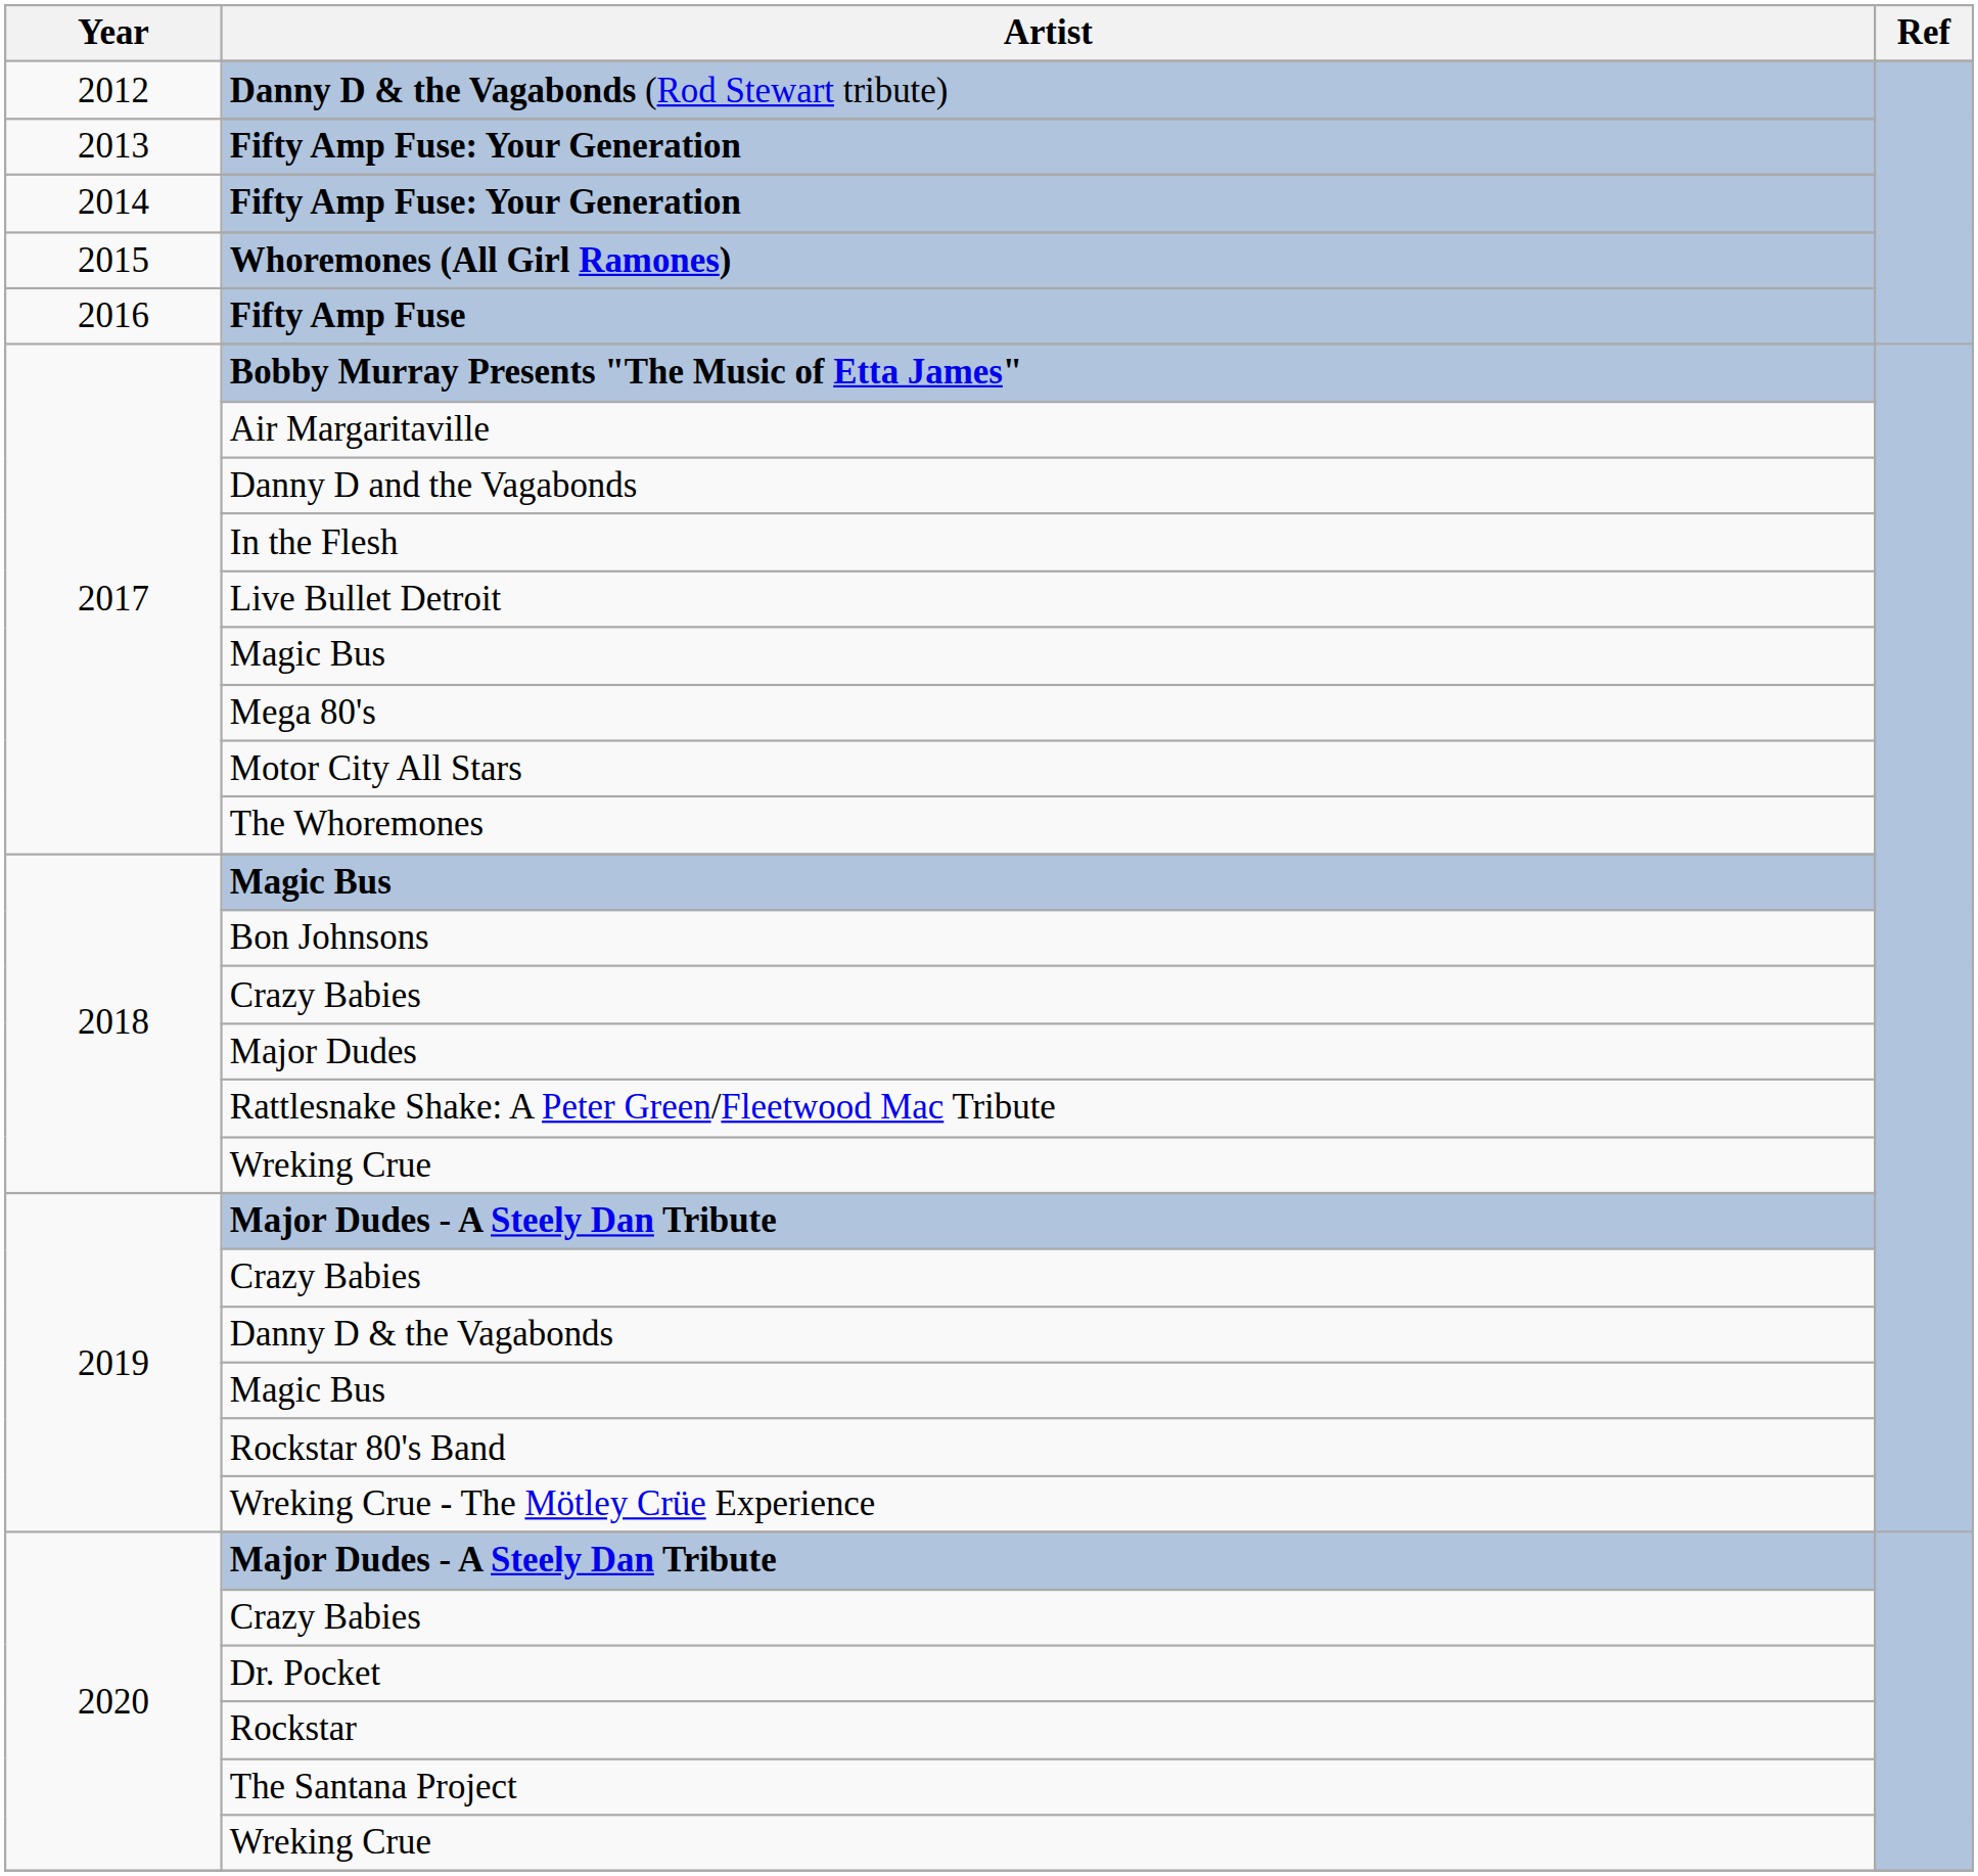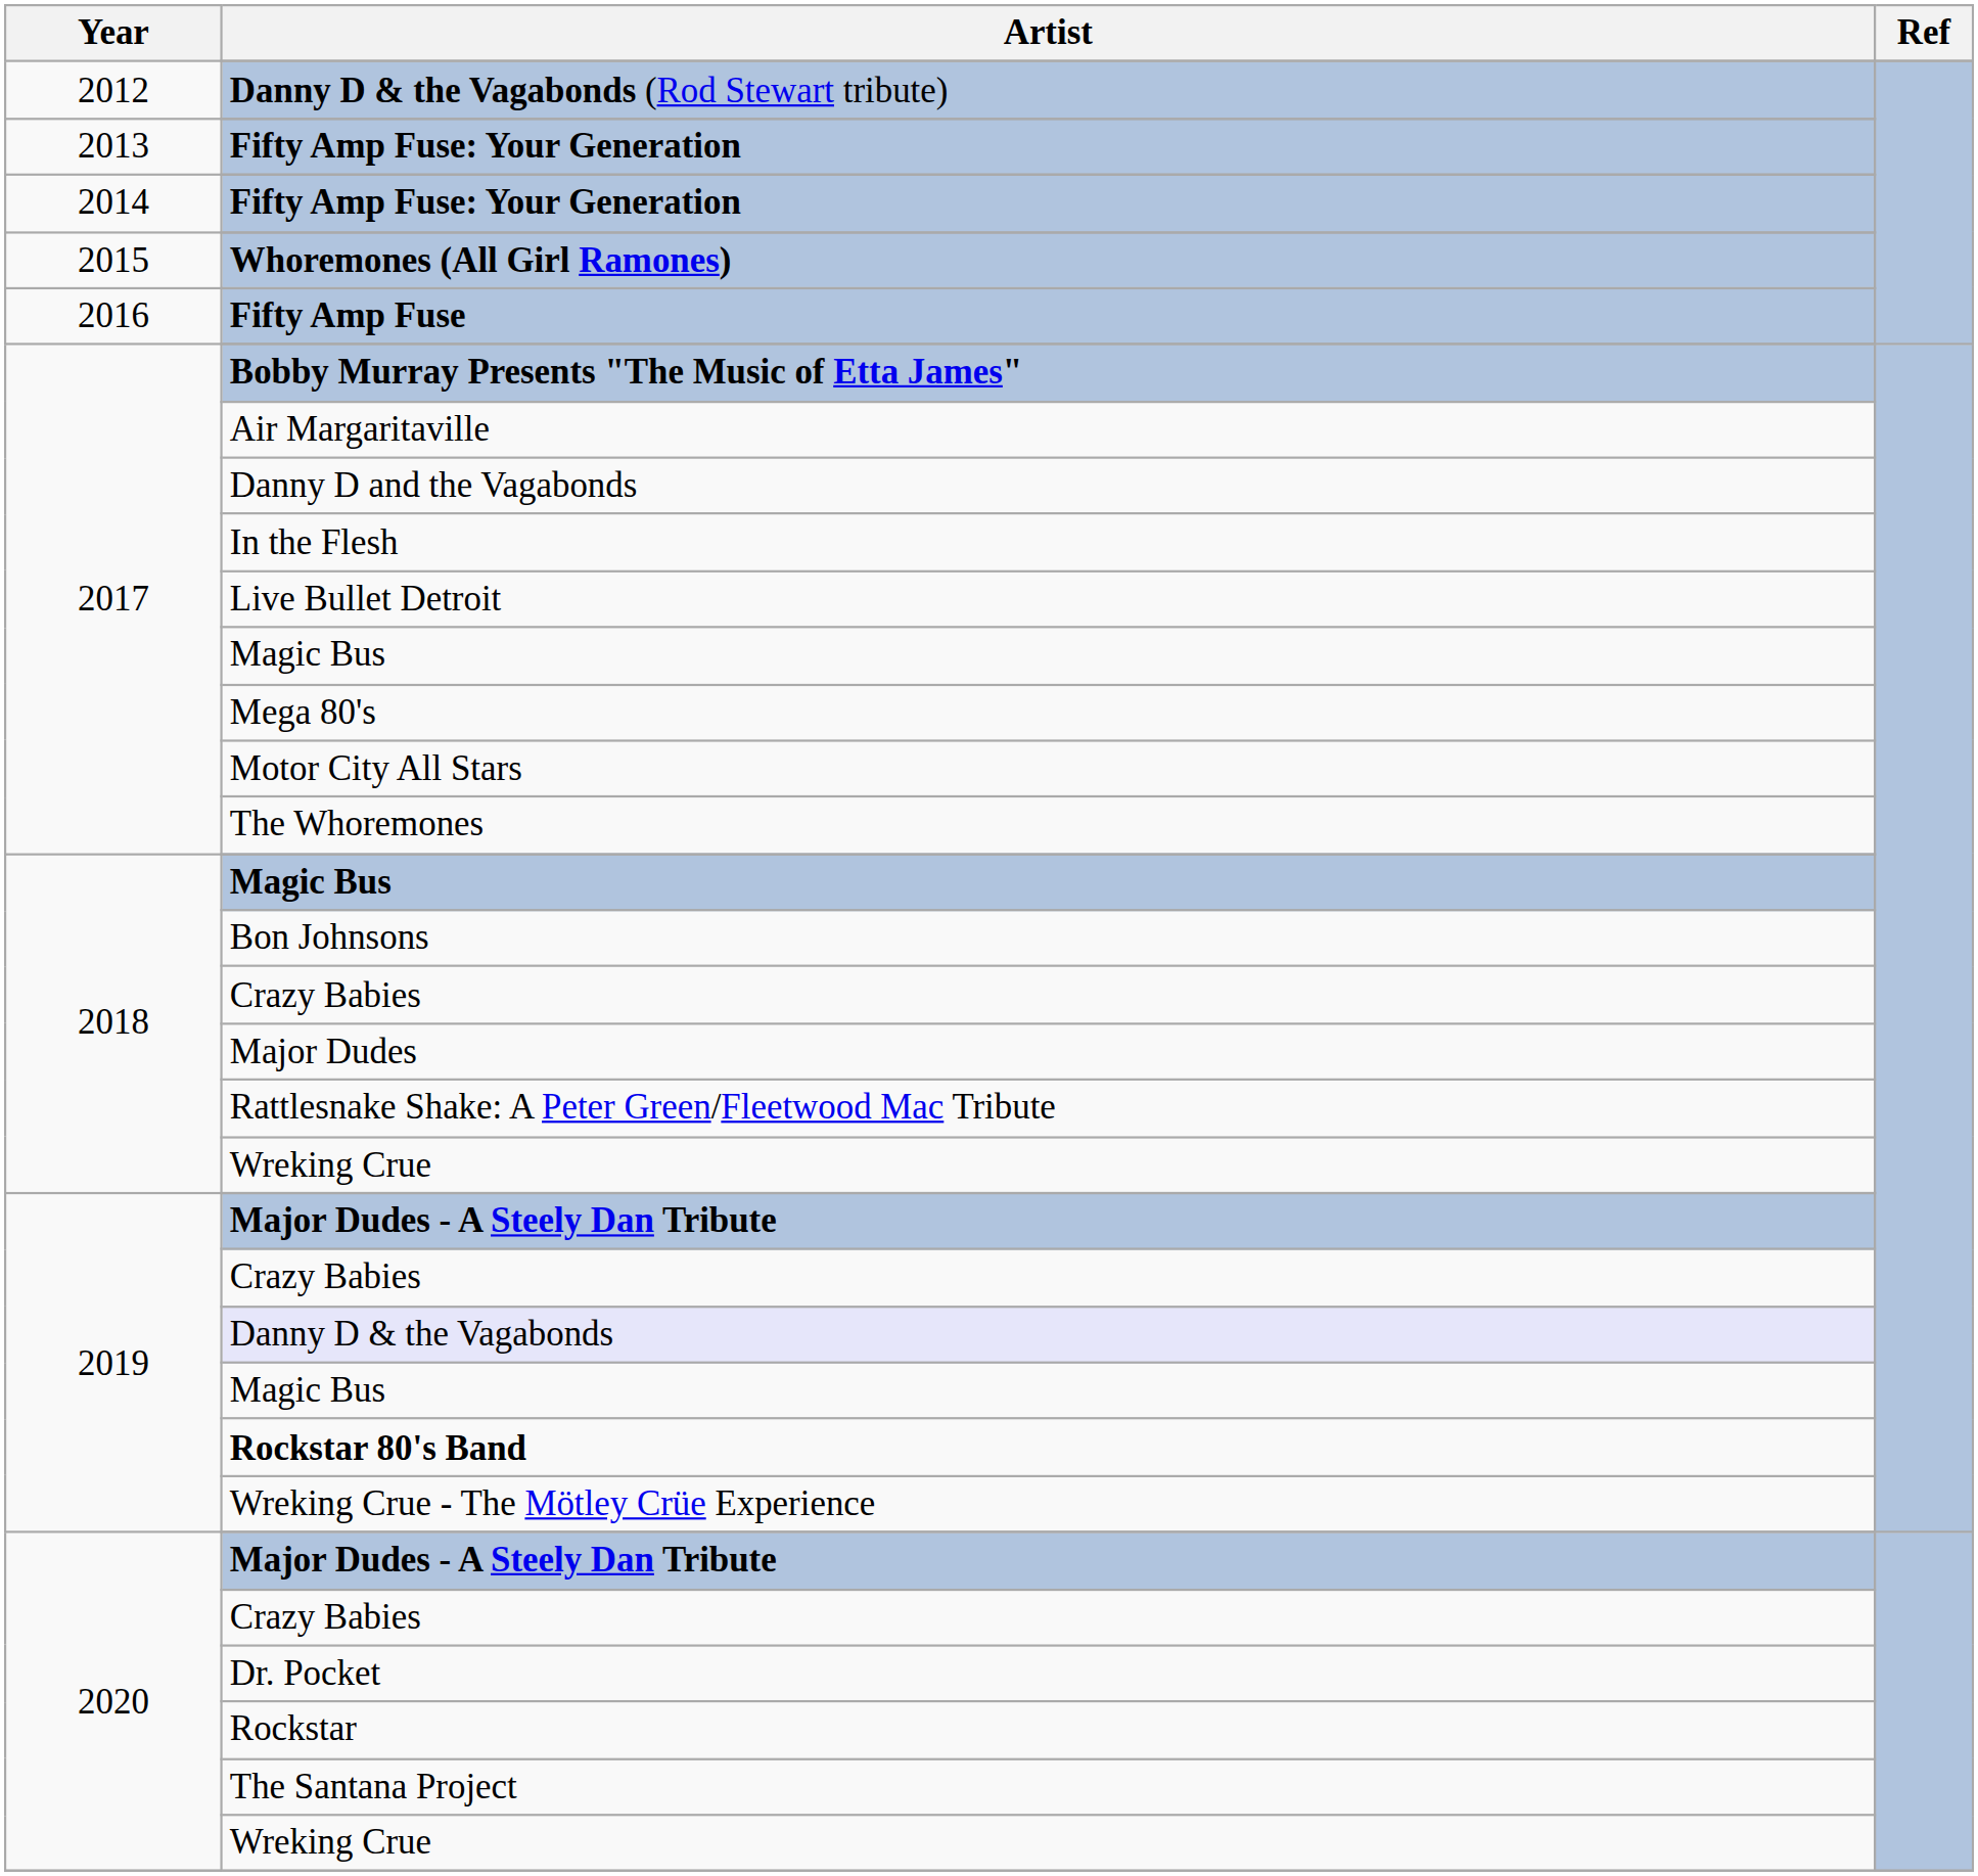 <table class="wikitable" style="width:100%;">
 <tr>
 <th style="width:11%;">Year</th>
 <th style="width:84%;">Artist</th>
 <th style="width:5%;">Ref</th>
 </tr>
 <tr>
 <td rowspan="2" align="center">2012</td>
 </tr>
 <tr style="background:#B0C4DE">
 <td><strong>Danny D & the Vagabonds</strong> (<a href='#'>Rod Stewart</a> tribute)</td>
 <td rowspan="10" align="center"></td>
 </tr>
 <tr>
 <td rowspan="2" align="center">2013</td>
 </tr>
 <tr style="background:#B0C4DE">
 <td><strong>Fifty Amp Fuse: Your Generation</strong></td>
 </tr>
 <tr>
 <td rowspan="2" align="center">2014</td>
 </tr>
 <tr style="background:#B0C4DE">
 <td><strong>Fifty Amp Fuse: Your Generation</strong></td>
 </tr>
 <tr>
 <td rowspan="2" align="center">2015</td>
 </tr>
 <tr style="background:#B0C4DE">
 <td><strong>Whoremones (All Girl <a href='#'>Ramones</a>)</strong></td>
 </tr>
 <tr>
 <td rowspan="2" align="center">2016</td>
 </tr>
 <tr style="background:#B0C4DE">
 <td><strong>Fifty Amp Fuse</strong></td>
 </tr>
 <tr>
 <td rowspan="10" align="center">2017</td>
 </tr>
 <tr style="background:#B0C4DE">
 <td><strong>Bobby Murray Presents "The Music of <a href='#'>Etta James</a>"</strong></td>
 <td rowspan="24" align="center"></td>
 </tr>
 <tr>
 <td>Air Margaritaville</td>
 </tr>
 <tr>
 <td>Danny D and the Vagabonds</td>
 </tr>
 <tr>
 <td>In the Flesh</td>
 </tr>
 <tr>
 <td>Live Bullet Detroit</td>
 </tr>
 <tr>
 <td>Magic Bus</td>
 </tr>
 <tr>
 <td>Mega 80's</td>
 </tr>
 <tr>
 <td>Motor City All Stars</td>
 </tr>
 <tr>
 <td>The Whoremones</td>
 </tr>
 <tr>
 <td rowspan="7" align="center">2018</td>
 </tr>
 <tr style="background:#B0C4DE">
 <td><strong>Magic Bus</strong></td>
 </tr>
 <tr>
 <td>Bon Johnsons</td>
 </tr>
 <tr>
 <td>Crazy Babies</td>
 </tr>
 <tr>
 <td>Major Dudes</td>
 </tr>
 <tr>
 <td>Rattlesnake Shake: A <a href='#'>Peter Green</a>/<a href='#'>Fleetwood Mac</a> Tribute</td>
 </tr>
 <tr>
 <td>Wreking Crue</td>
 </tr>
 <tr>
 <td rowspan="7" align="center">2019</td>
 </tr>
 <tr style="background:#B0C4DE">
 <td><strong>Major Dudes - A <a href='#'>Steely Dan</a> Tribute</strong></td>
 </tr>
 <tr>
 <td>Crazy Babies</td>
 </tr>
 <tr>
-<td>Danny D & the Vagabonds</td>
+<td style="background: lavender;">Danny D & the Vagabonds</td>
 </tr>
 <tr>
 <td>Magic Bus</td>
 </tr>
 <tr>
-<td>Rockstar 80's Band</td>
+<td><strong>Rockstar 80's Band</strong></td>
 </tr>
 <tr>
 <td>Wreking Crue - The <a href='#'>Mötley Crüe</a> Experience</td>
 </tr>
 <tr>
 <td rowspan="7" align="center">2020</td>
 </tr>
 <tr style="background:#B0C4DE">
 <td><strong>Major Dudes - A <a href='#'>Steely Dan</a> Tribute</strong></td>
 <td rowspan="6" align="center"></td>
 </tr>
 <tr>
 <td>Crazy Babies</td>
 </tr>
 <tr>
 <td>Dr. Pocket</td>
 </tr>
 <tr>
 <td>Rockstar</td>
 </tr>
 <tr>
 <td>The Santana Project</td>
 </tr>
 <tr>
 <td>Wreking Crue</td>
 </tr>
 <tr>
 </tr>
 </table>
